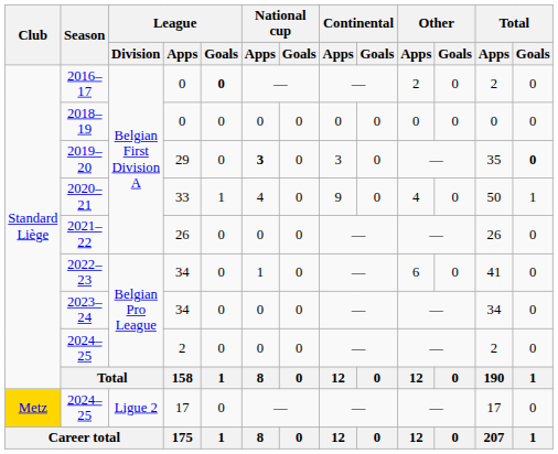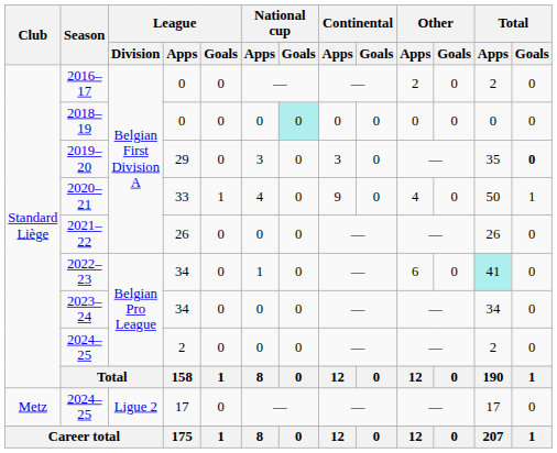 <table class="wikitable" style="text-align:center">
 <tr>
 <th rowspan="2">Club</th>
 <th rowspan="2">Season</th>
 <th colspan="3">League</th>
 <th colspan="2">National cup</th>
 <th colspan="2">Continental</th>
 <th colspan="2">Other</th>
 <th colspan="2">Total</th>
 </tr>
 <tr>
 <th>Division</th>
 <th>Apps</th>
 <th>Goals</th>
 <th>Apps</th>
 <th>Goals</th>
 <th>Apps</th>
 <th>Goals</th>
 <th>Apps</th>
 <th>Goals</th>
 <th>Apps</th>
 <th>Goals</th>
 </tr>
 <tr>
 <td rowspan="9"><a href='#'>Standard Liège</a></td>
 <td><a href='#'>2016–17</a></td>
 <td rowspan="5"><a href='#'>Belgian First Division A</a></td>
 <td>0</td>
-<td><strong>0</strong></td>
+<td>0</td>
 <td colspan="2">—</td>
 <td colspan="2">—</td>
 <td>2</td>
 <td>0</td>
 <td>2</td>
 <td>0</td>
 </tr>
 <tr>
 <td><a href='#'>2018–19</a></td>
 <td>0</td>
 <td>0</td>
 <td>0</td>
-<td>0</td>
+<td style="background: paleturquoise;">0</td>
 <td>0</td>
 <td>0</td>
 <td>0</td>
 <td>0</td>
 <td>0</td>
 <td>0</td>
 </tr>
 <tr>
 <td><a href='#'>2019–20</a></td>
 <td>29</td>
 <td>0</td>
-<td><strong>3</strong></td>
+<td>3</td>
 <td>0</td>
 <td>3</td>
 <td>0</td>
 <td colspan="2">—</td>
 <td>35</td>
 <td><strong>0</strong></td>
 </tr>
 <tr>
 <td><a href='#'>2020–21</a></td>
 <td>33</td>
 <td>1</td>
 <td>4</td>
 <td>0</td>
 <td>9</td>
 <td>0</td>
 <td>4</td>
 <td>0</td>
 <td>50</td>
 <td>1</td>
 </tr>
 <tr>
 <td><a href='#'>2021–22</a></td>
 <td>26</td>
 <td>0</td>
 <td>0</td>
 <td>0</td>
 <td colspan="2">—</td>
 <td colspan="2">—</td>
 <td>26</td>
 <td>0</td>
 </tr>
 <tr>
 <td><a href='#'>2022–23</a></td>
 <td rowspan="3"><a href='#'>Belgian Pro League</a></td>
 <td>34</td>
 <td>0</td>
 <td>1</td>
 <td>0</td>
 <td colspan="2">—</td>
 <td>6</td>
 <td>0</td>
-<td>41</td>
+<td style="background: paleturquoise;">41</td>
 <td>0</td>
 </tr>
 <tr>
 <td><a href='#'>2023–24</a></td>
 <td>34</td>
 <td>0</td>
 <td>0</td>
 <td>0</td>
 <td colspan="2">—</td>
 <td colspan="2">—</td>
 <td>34</td>
 <td>0</td>
 </tr>
 <tr>
 <td><a href='#'>2024–25</a></td>
 <td>2</td>
 <td>0</td>
 <td>0</td>
 <td>0</td>
 <td colspan="2">—</td>
 <td colspan="2">—</td>
 <td>2</td>
 <td>0</td>
 </tr>
 <tr>
 <th colspan="2">Total</th>
 <th>158</th>
 <th>1</th>
 <th>8</th>
 <th>0</th>
 <th>12</th>
 <th>0</th>
 <th>12</th>
 <th>0</th>
 <th>190</th>
 <th>1</th>
 </tr>
 <tr>
-<td style="background: gold;"><a href='#'>Metz</a></td>
+<td><a href='#'>Metz</a></td>
 <td><a href='#'>2024–25</a></td>
 <td><a href='#'>Ligue 2</a></td>
 <td>17</td>
 <td>0</td>
 <td colspan="2">—</td>
 <td colspan="2">—</td>
 <td colspan="2">—</td>
 <td>17</td>
 <td>0</td>
 </tr>
 <tr>
 <th colspan="3">Career total</th>
 <th>175</th>
 <th>1</th>
 <th>8</th>
 <th>0</th>
 <th>12</th>
 <th>0</th>
 <th>12</th>
 <th>0</th>
 <th>207</th>
 <th>1</th>
 </tr>
 </table>
